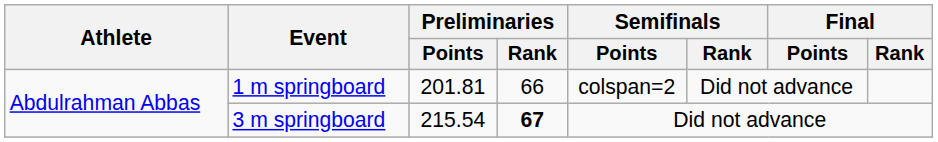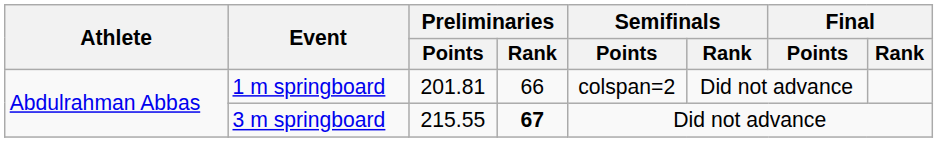 <table class="wikitable" style="text-align:center; font-size:90%; width:50%;">
 <tr>
 <th rowspan=2>Athlete</th>
 <th rowspan=2>Event</th>
 <th colspan=2>Preliminaries</th>
 <th colspan=2>Semifinals</th>
 <th colspan=2>Final</th>
 </tr>
 <tr style="font-size:95%">
 <th>Points</th>
 <th>Rank</th>
 <th>Points</th>
 <th>Rank</th>
 <th>Points</th>
 <th>Rank</th>
 </tr>
 <tr>
 <td align=left rowspan=2><a href='#'>Abdulrahman Abbas</a></td>
 <td align=left><a href='#'>1 m springboard</a></td>
 <td>201.81</td>
 <td>66</td>
 <td>colspan=2 </td>
 <td colspan=2>Did not advance</td>
 </tr>
 <tr>
 <td align=left><a href='#'>3 m springboard</a></td>
-<td>215.54</td>
+<td>215.55</td>
 <td><strong>67</strong></td>
 <td colspan=4>Did not advance</td>
 </tr>
 </table>
